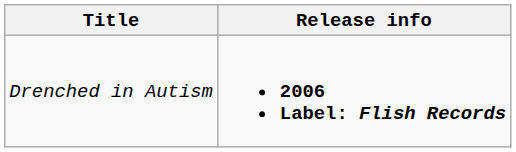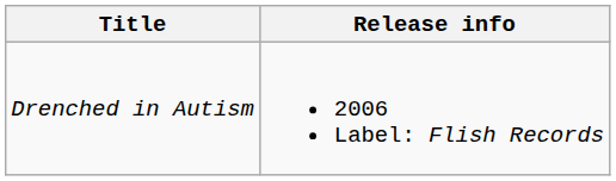 <table class="wikitable">
 <tr>
 <th>Title</th>
 <th>Release info</th>
 </tr>
 <tr>
 <td><em>Drenched in Autism</em></td>
-<td><strong><br><ul><li>2006</li><li>Label: <em>Flish Records</em></li></ul></strong></td>
+<td><br><ul><li>2006</li><li>Label: <em>Flish Records</em></li></ul></td>
 </tr>
 </table>
